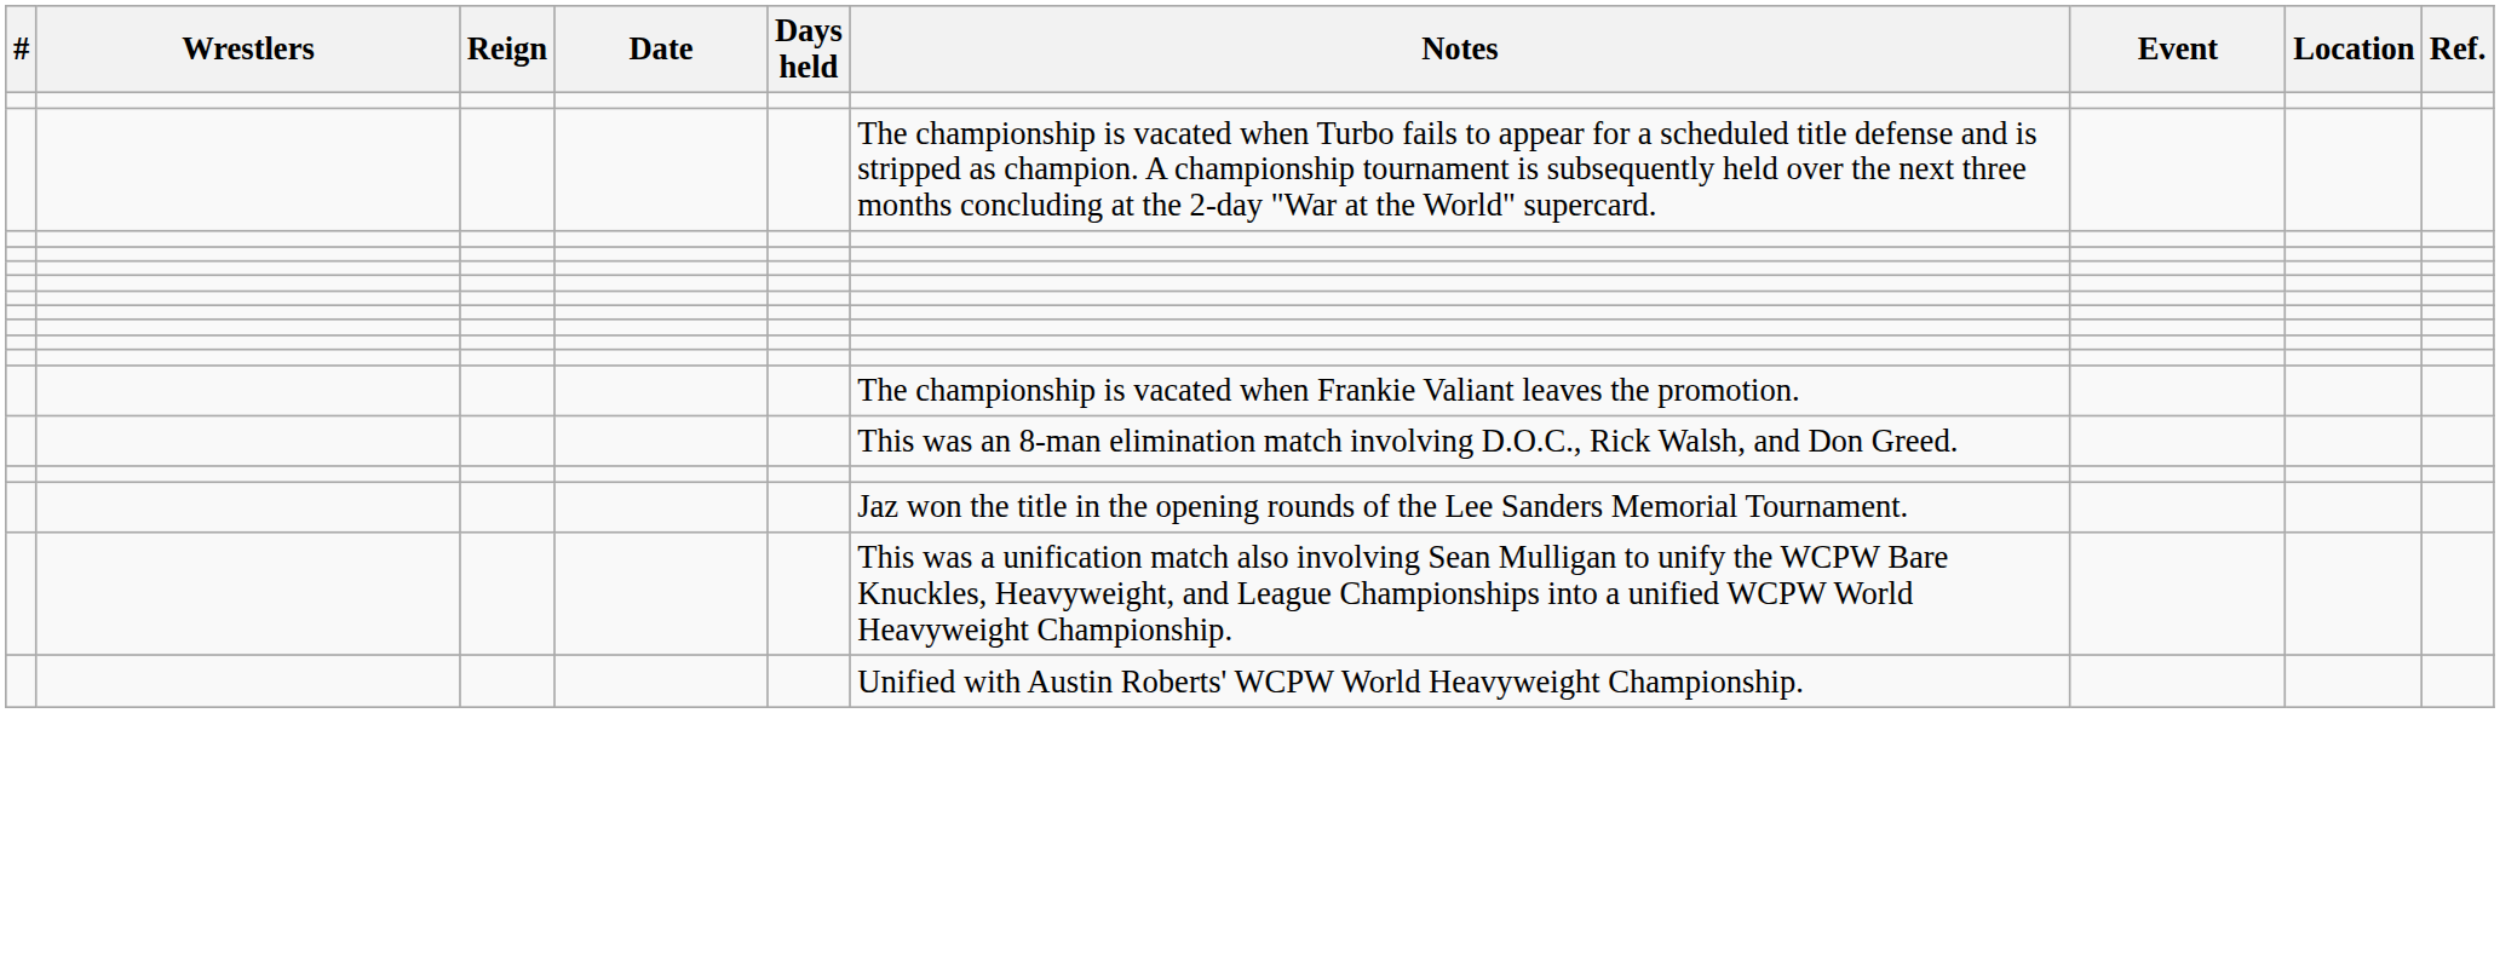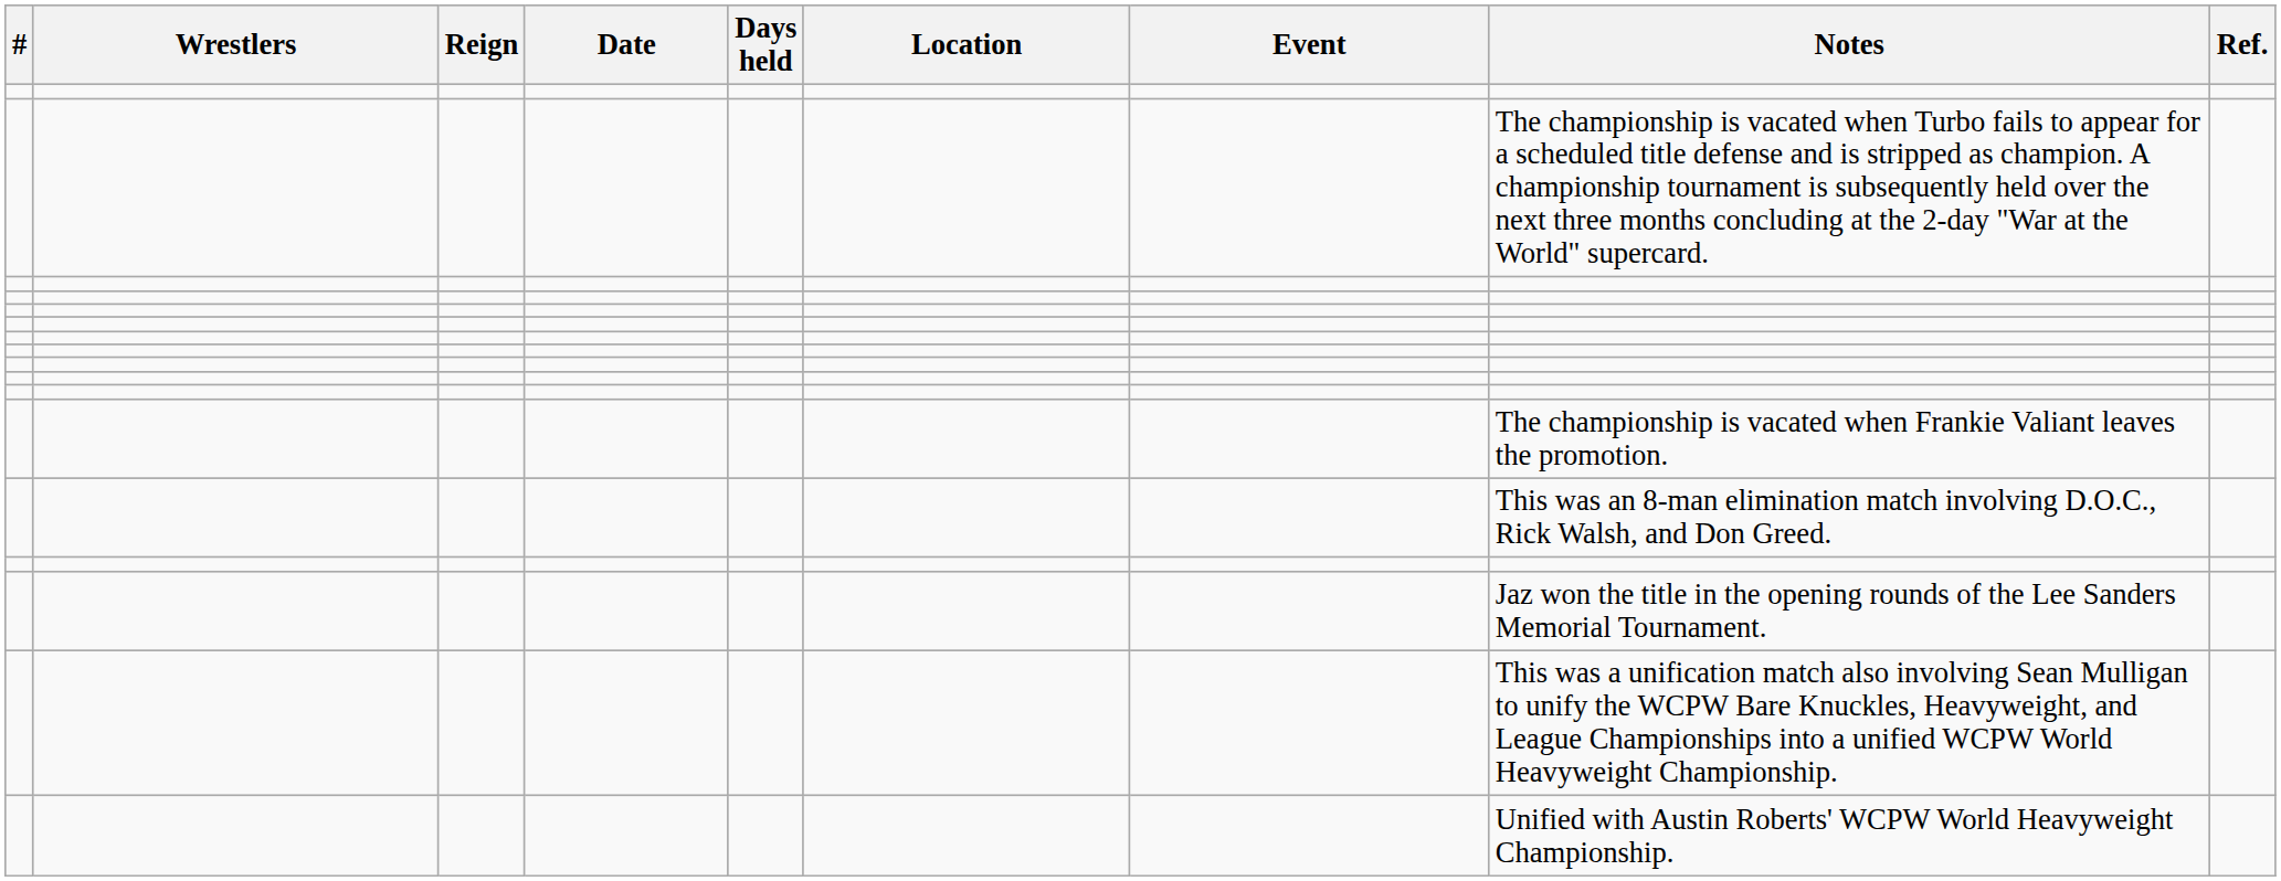 <table class="wikitable sortable" width=98% style="text-align:center;">
 <tr>
 <th width=0%>#</th>
 <th width=20%>Wrestlers</th>
 <th width=0%>Reign</th>
 <th width=10%>Date</th>
 <th width=0%>Days<br>held</th>
+<th width=16%>Location</th>
+<th width=18%>Event</th>
 <th width=60% class="unsortable">Notes</th>
-<th width=18%>Event</th>
-<th width=16%>Location</th>
 <th width=0% class="unsortable">Ref.</th>
 </tr>
 <tr>
 <td></td>
 <td></td>
 <td></td>
 <td></td>
 <td></td>
-<td align="left"></td>
 <td></td>
 <td></td>
+<td align="left"></td>
 <td align="left"></td>
 </tr>
 <tr>
 <td></td>
 <td></td>
 <td></td>
 <td></td>
 <td></td>
-<td align="left">The championship is vacated when Turbo fails to appear for a scheduled title defense and is stripped as champion. A championship tournament is subsequently held over the next three months concluding at the 2-day "War at the World" supercard.</td>
 <td></td>
 <td></td>
+<td align="left">The championship is vacated when Turbo fails to appear for a scheduled title defense and is stripped as champion. A championship tournament is subsequently held over the next three months concluding at the 2-day "War at the World" supercard.</td>
 <td align="left"></td>
 </tr>
 <tr>
 <td></td>
 <td></td>
 <td></td>
 <td></td>
 <td></td>
-<td align="left"></td>
 <td></td>
 <td></td>
+<td align="left"></td>
 <td align="left"></td>
 </tr>
 <tr>
 <td></td>
 <td></td>
 <td></td>
 <td></td>
 <td></td>
-<td align="left"></td>
 <td></td>
 <td></td>
+<td align="left"></td>
 <td align="left"></td>
 </tr>
 <tr>
 <td></td>
 <td></td>
 <td></td>
 <td></td>
 <td></td>
-<td align="left"></td>
 <td></td>
 <td></td>
+<td align="left"></td>
 <td align="left"></td>
 </tr>
 <tr>
 <td></td>
 <td></td>
 <td></td>
 <td></td>
 <td></td>
-<td align="left"></td>
 <td></td>
 <td></td>
+<td align="left"></td>
 <td align="left"></td>
 </tr>
 <tr>
 <td></td>
 <td></td>
 <td></td>
 <td></td>
 <td></td>
-<td align="left"></td>
 <td></td>
 <td></td>
+<td align="left"></td>
 <td align="left"></td>
 </tr>
 <tr>
 <td></td>
 <td></td>
 <td></td>
 <td></td>
 <td></td>
-<td align="left"></td>
 <td></td>
 <td></td>
+<td align="left"></td>
 <td align="left"></td>
 </tr>
 <tr>
 <td></td>
 <td></td>
 <td></td>
 <td></td>
 <td></td>
-<td align="left"></td>
 <td></td>
 <td></td>
+<td align="left"></td>
 <td align="left"></td>
 </tr>
 <tr>
 <td></td>
 <td></td>
 <td></td>
 <td></td>
 <td></td>
-<td align="left"></td>
 <td></td>
 <td></td>
+<td align="left"></td>
 <td align="left"></td>
 </tr>
 <tr>
 <td></td>
 <td></td>
 <td></td>
 <td></td>
 <td></td>
-<td align="left"></td>
 <td></td>
 <td></td>
+<td align="left"></td>
 <td align="left"></td>
 </tr>
 <tr>
 <td></td>
 <td></td>
 <td></td>
 <td></td>
 <td></td>
-<td align="left">The championship is vacated when Frankie Valiant leaves the promotion.</td>
 <td></td>
 <td></td>
+<td align="left">The championship is vacated when Frankie Valiant leaves the promotion.</td>
 <td align="left"></td>
 </tr>
 <tr>
 <td></td>
 <td></td>
 <td></td>
 <td></td>
 <td></td>
-<td align="left">This was an 8-man elimination match involving D.O.C., Rick Walsh, and Don Greed.</td>
 <td></td>
 <td></td>
+<td align="left">This was an 8-man elimination match involving D.O.C., Rick Walsh, and Don Greed.</td>
 <td align="left"></td>
 </tr>
 <tr>
 <td></td>
 <td></td>
 <td></td>
 <td></td>
 <td></td>
-<td align="left"></td>
 <td></td>
 <td></td>
+<td align="left"></td>
 <td align="left"></td>
 </tr>
 <tr>
 <td></td>
 <td></td>
 <td></td>
 <td></td>
 <td></td>
-<td align="left">Jaz won the title in the opening rounds of the Lee Sanders Memorial Tournament.</td>
 <td></td>
 <td></td>
+<td align="left">Jaz won the title in the opening rounds of the Lee Sanders Memorial Tournament.</td>
 <td align="left"></td>
 </tr>
 <tr>
 <td></td>
 <td></td>
 <td></td>
 <td></td>
 <td></td>
-<td align="left">This was a unification match also involving Sean Mulligan to unify the WCPW Bare Knuckles, Heavyweight, and League Championships into a unified WCPW World Heavyweight Championship.</td>
 <td></td>
 <td></td>
+<td align="left">This was a unification match also involving Sean Mulligan to unify the WCPW Bare Knuckles, Heavyweight, and League Championships into a unified WCPW World Heavyweight Championship.</td>
 <td align="left"></td>
 </tr>
 <tr>
 <td></td>
 <td></td>
 <td></td>
 <td></td>
 <td></td>
-<td align="left">Unified with Austin Roberts' WCPW World Heavyweight Championship.</td>
 <td></td>
 <td></td>
+<td align="left">Unified with Austin Roberts' WCPW World Heavyweight Championship.</td>
 <td align="left"></td>
 </tr>
 </table>
